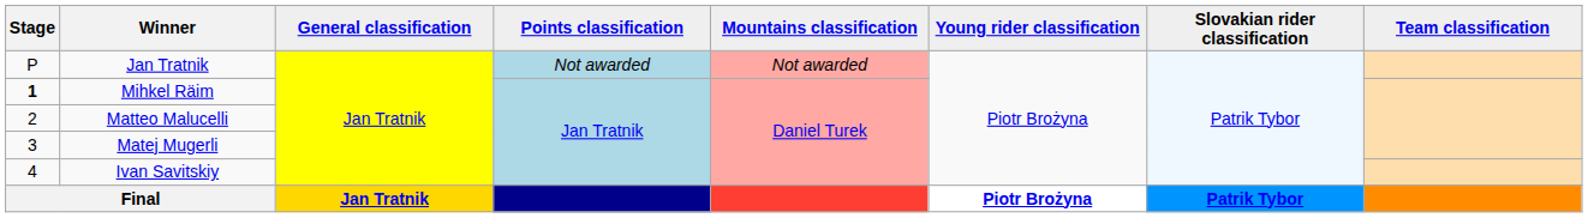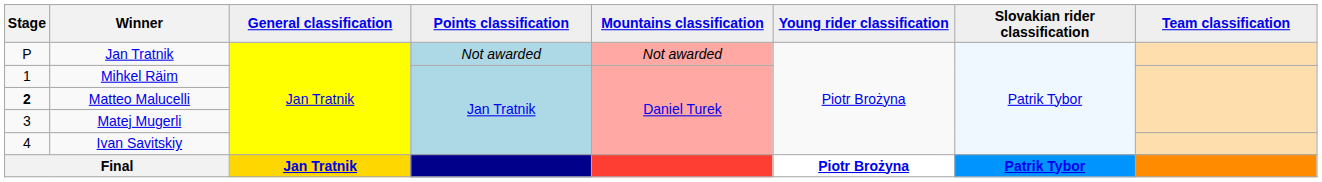 <table class="wikitable" style="text-align: center; font-size:smaller;">
 <tr style="background:#efefef;">
 <th style="width:2%;">Stage</th>
 <th style="width:14%;">Winner</th>
 <th style="background:#efefef; width:14%;"><a href='#'>General classification</a><br></th>
 <th style="background:#efefef; width:14%;"><a href='#'>Points classification</a><br></th>
 <th style="background:#efefef; width:14%;"><a href='#'>Mountains classification</a><br></th>
 <th style="background:#efefef; width:14%;"><a href='#'>Young rider classification</a><br></th>
 <th style="background:#efefef; width:14%;">Slovakian rider classification<br></th>
 <th style="background:#efefef; width:14%;"><a href='#'>Team classification</a><br></th>
 </tr>
 <tr>
 <td scope=row>P</td>
 <td><a href='#'>Jan Tratnik</a></td>
 <td style="background:yellow;" rowspan=5><a href='#'>Jan Tratnik</a></td>
 <td style="background:lightblue;"><em>Not awarded</em></td>
 <td style="background:#FFA8A4;"><em>Not awarded</em></td>
 <td style="background:offwhite;" rowspan=5><a href='#'>Piotr Brożyna</a></td>
 <td style="background:aliceblue;" rowspan=5><a href='#'>Patrik Tybor</a></td>
 <td style="background:navajowhite;"></td>
 </tr>
 <tr>
-<td scope=row><strong>1</strong></td>
+<td scope=row>1</td>
 <td><a href='#'>Mihkel Räim</a></td>
 <td style="background:lightblue;" rowspan=4><a href='#'>Jan Tratnik</a></td>
 <td style="background:#FFA8A4;" rowspan=4><a href='#'>Daniel Turek</a></td>
 <td style="background:navajowhite;" rowspan=3></td>
 </tr>
 <tr>
-<td scope=row>2</td>
+<td scope=row><strong>2</strong></td>
 <td><a href='#'>Matteo Malucelli</a></td>
 </tr>
 <tr>
 <td scope=row>3</td>
 <td><a href='#'>Matej Mugerli</a></td>
 </tr>
 <tr>
 <td scope=row>4</td>
 <td><a href='#'>Ivan Savitskiy</a></td>
 <td style="background:navajowhite;"></td>
 </tr>
 <tr>
 <th colspan=2>Final</th>
 <th style="background:gold;"><a href='#'>Jan Tratnik</a></th>
 <th style="background:darkblue;"></th>
 <th style="background:#FF3E33;"></th>
 <th style="background:white;"><a href='#'>Piotr Brożyna</a></th>
 <th style="background:#0094FF;"><a href='#'>Patrik Tybor</a></th>
 <th style="background:#FF8C00;"></th>
 </tr>
 </table>
